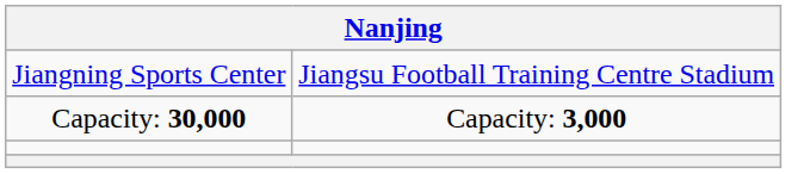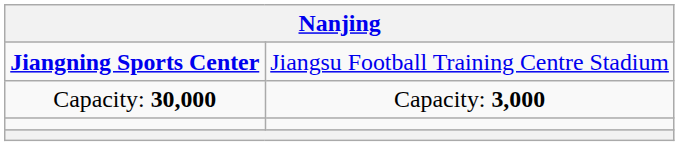 <table class="wikitable" style="text-align:center">
 <tr>
 <th colspan=2><a href='#'>Nanjing</a></th>
 </tr>
 <tr>
-<td><a href='#'>Jiangning Sports Center</a></td>
+<td><strong><a href='#'>Jiangning Sports Center</a></strong></td>
 <td><a href='#'>Jiangsu Football Training Centre Stadium</a></td>
 </tr>
 <tr>
 <td>Capacity: <strong>30,000</strong></td>
 <td>Capacity: <strong>3,000</strong></td>
 </tr>
 <tr>
 <td></td>
 <td></td>
 </tr>
 <tr>
 <th colspan="2" rowspan="4"></th>
 </tr>
 </table>
